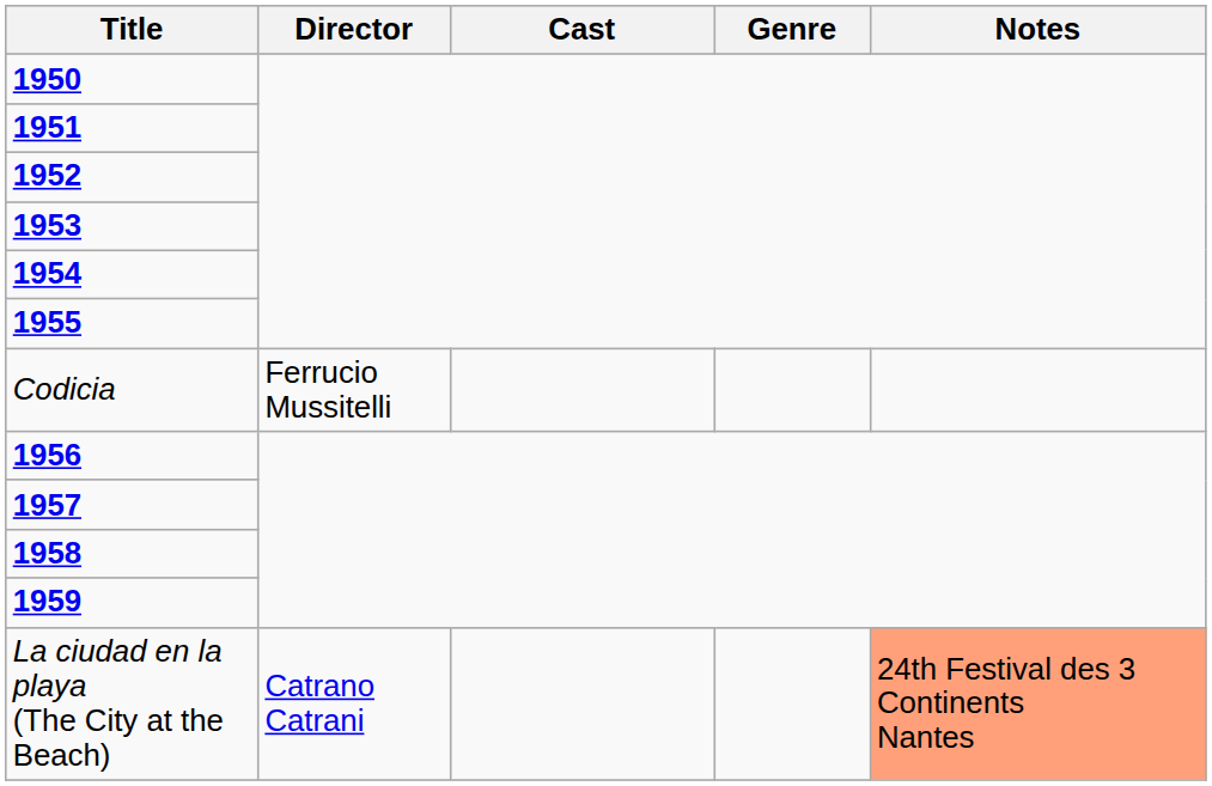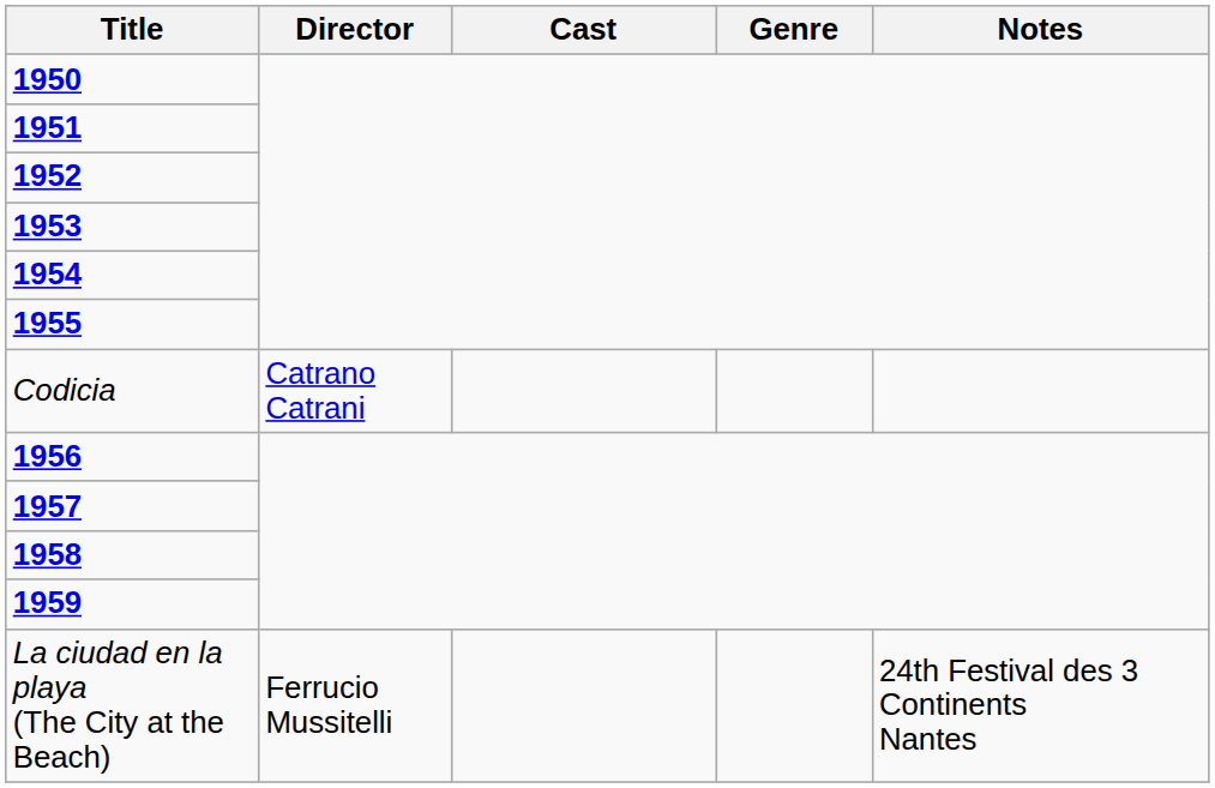 <table class="wikitable" style="width:100%;">
 <tr>
 <th style="width:21%;">Title</th>
 <th style="width:16%;">Director</th>
 <th style="width:22%;">Cast</th>
 <th style="width:13%;">Genre</th>
 <th style="width:28%;">Notes</th>
 </tr>
 <tr>
 <td><strong><a href='#'>1950</a></strong></td>
 </tr>
 <tr>
 <td><strong><a href='#'>1951</a></strong></td>
 </tr>
 <tr>
 <td><strong><a href='#'>1952</a></strong></td>
 </tr>
 <tr>
 <td><strong><a href='#'>1953</a></strong></td>
 </tr>
 <tr>
 <td><strong><a href='#'>1954</a></strong></td>
 </tr>
 <tr>
 <td><strong><a href='#'>1955</a></strong></td>
 </tr>
 <tr>
 <td><em>Codicia</em></td>
-<td>Ferrucio Mussitelli</td>
+<td><a href='#'>Catrano Catrani</a></td>
 <td></td>
 <td></td>
 <td></td>
 </tr>
 <tr>
 <td><strong><a href='#'>1956</a></strong></td>
 </tr>
 <tr>
 <td><strong><a href='#'>1957</a></strong></td>
 </tr>
 <tr>
 <td><strong><a href='#'>1958</a></strong></td>
 </tr>
 <tr>
 <td><strong><a href='#'>1959</a></strong></td>
 </tr>
 <tr>
 <td><em>La ciudad en la playa</em><br>(The City at the Beach)</td>
-<td><a href='#'>Catrano Catrani</a></td>
+<td>Ferrucio Mussitelli</td>
 <td></td>
 <td></td>
-<td style="background: lightsalmon;">24th Festival des 3 Continents<br>Nantes</td>
+<td>24th Festival des 3 Continents<br>Nantes</td>
 </tr>
 </table>
